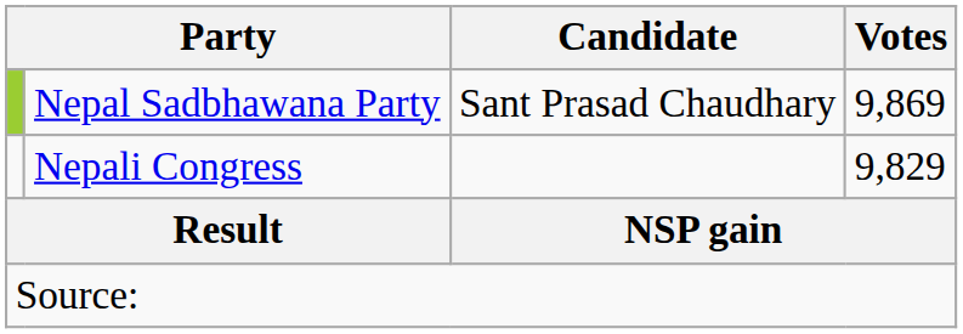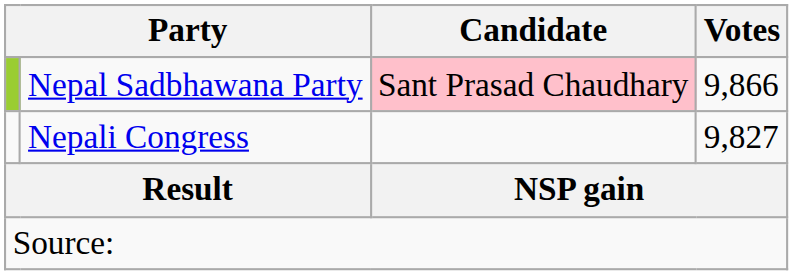 <table class="wikitable">
 <tr>
 <th colspan="2">Party</th>
 <th>Candidate</th>
 <th>Votes</th>
 </tr>
 <tr>
 <td style="background-color:yellowgreen"></td>
 <td><a href='#'>Nepal Sadbhawana Party</a></td>
-<td>Sant Prasad Chaudhary</td>
-<td>9,869</td>
+<td style="background: pink;">Sant Prasad Chaudhary</td>
+<td>9,866</td>
 </tr>
 <tr>
 <td style="background-color:"></td>
 <td><a href='#'>Nepali Congress</a></td>
 <td></td>
-<td>9,829</td>
+<td>9,827</td>
 </tr>
 <tr>
 <th colspan="2">Result</th>
 <th colspan="2">NSP gain</th>
 </tr>
 <tr>
 <td colspan="4">Source: </td>
 </tr>
 </table>
